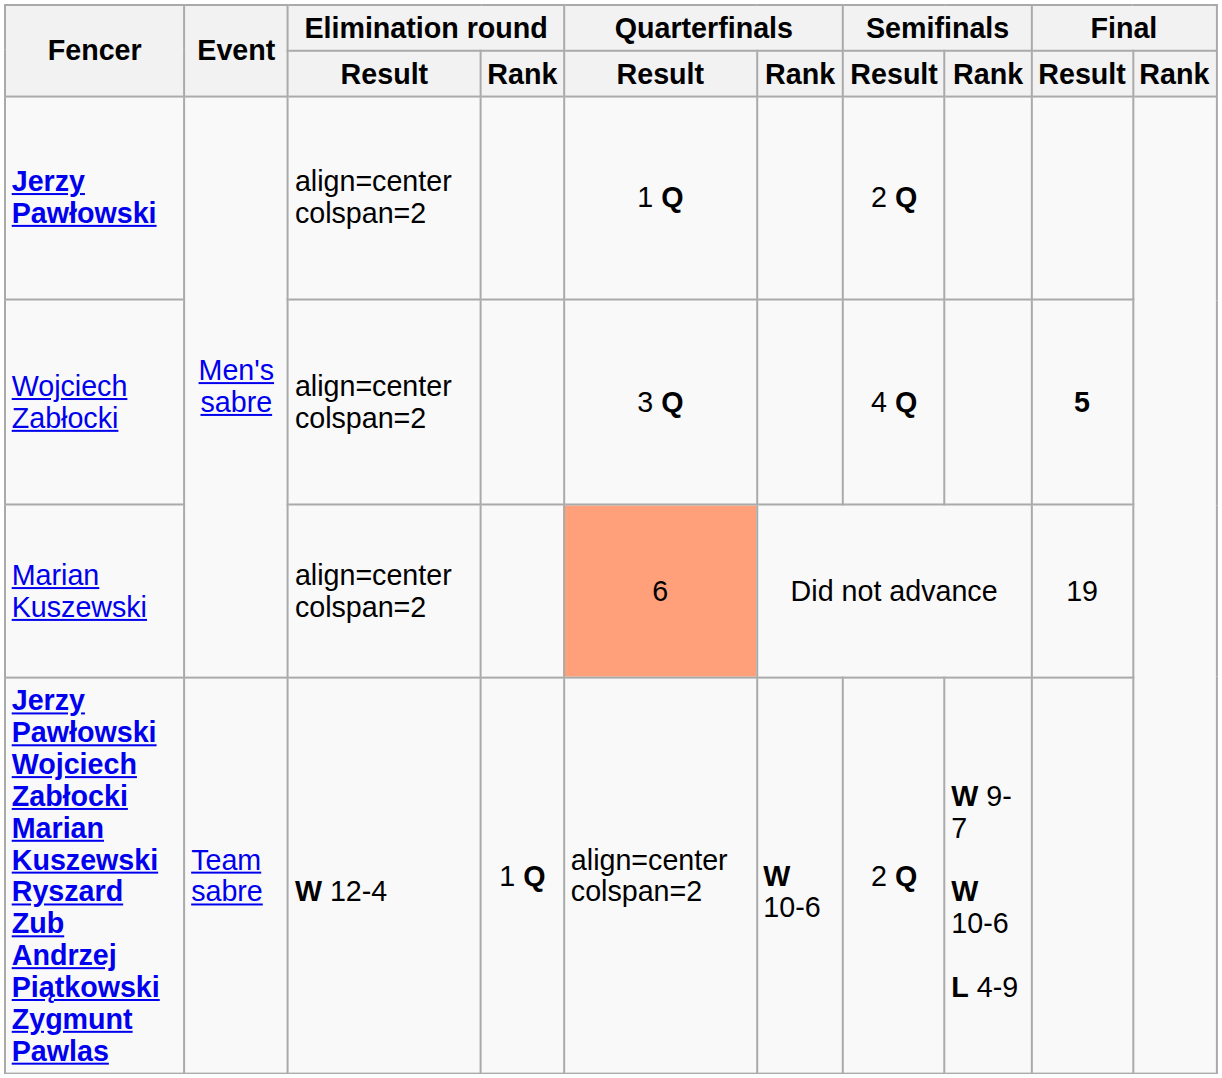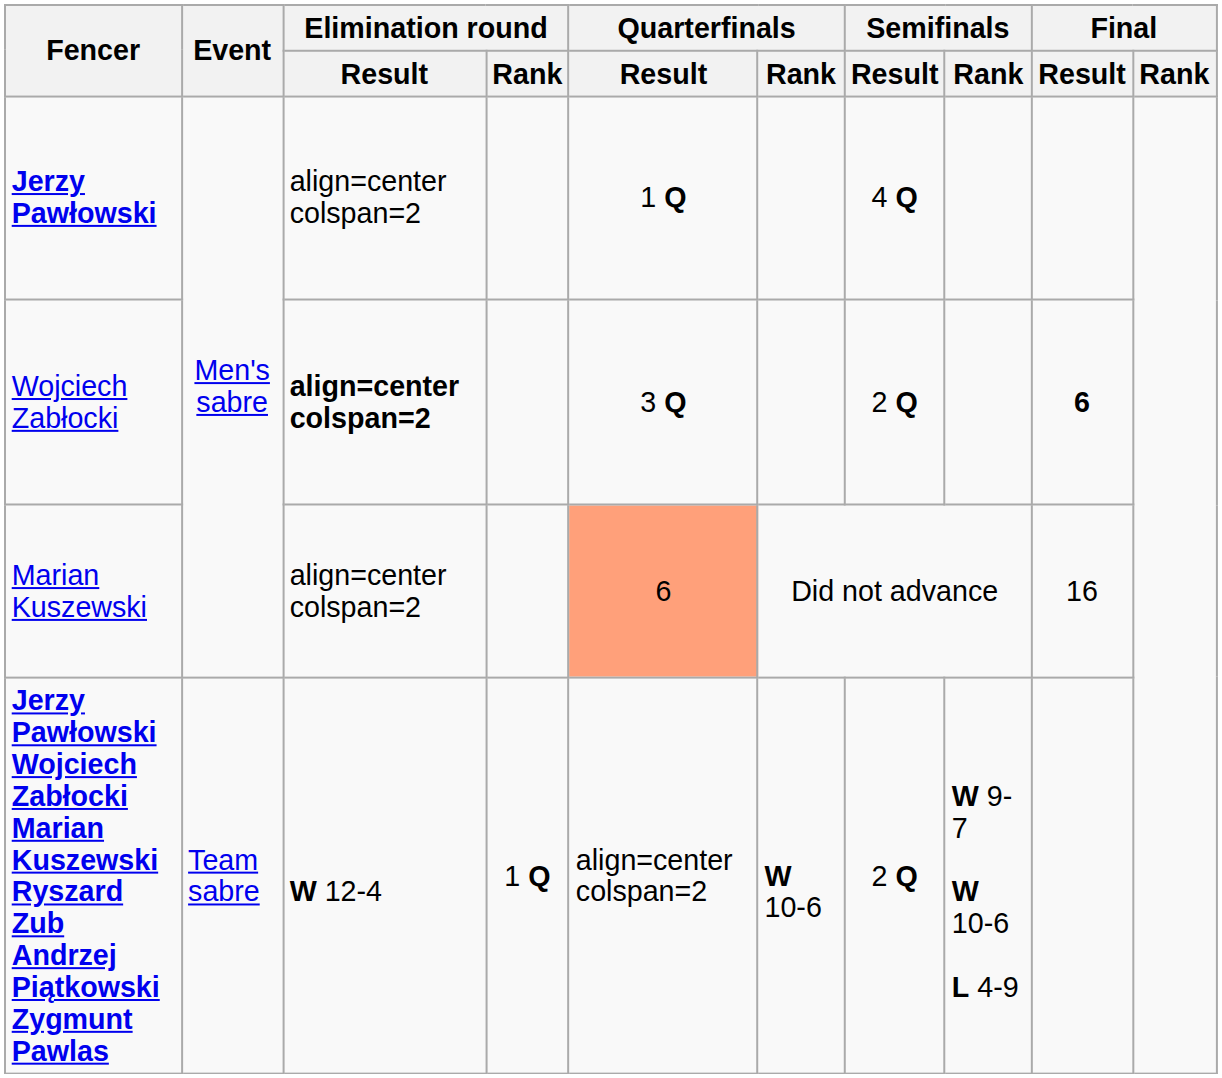 <table class=wikitable style="font-size:90%">
 <tr>
 <th rowspan=2>Fencer</th>
 <th rowspan=2>Event</th>
 <th colspan=2>Elimination round</th>
 <th colspan=2>Quarterfinals</th>
 <th colspan=2>Semifinals</th>
 <th colspan=2>Final</th>
 </tr>
 <tr>
 <th>Result</th>
 <th>Rank</th>
 <th>Result</th>
 <th>Rank</th>
 <th>Result</th>
 <th>Rank</th>
 <th>Result</th>
 <th>Rank</th>
 </tr>
 <tr>
 <td><strong><a href='#'>Jerzy Pawłowski</a></strong></td>
 <td align=center rowspan=3><a href='#'>Men's sabre</a></td>
 <td>align=center colspan=2 </td>
 <td align=left><br><br><br><br><br></td>
 <td align=center>1 <strong>Q</strong></td>
 <td align=left><br><br><br><br><br><br></td>
-<td align=center>2 <strong>Q</strong></td>
+<td align=center>4 <strong>Q</strong></td>
 <td align=left><br><br><br><br><br><br></td>
 <td align=center colspan=1></td>
 </tr>
 <tr>
 <td><a href='#'>Wojciech Zabłocki</a></td>
-<td>align=center colspan=2 </td>
+<td><strong>align=center colspan=2 </strong></td>
 <td align=left><br><br><br><br><br></td>
 <td align=center>3 <strong>Q</strong></td>
 <td align=left><br><br><br><br><br><br></td>
-<td align=center>4 <strong>Q</strong></td>
+<td align=center>2 <strong>Q</strong></td>
 <td align=left><br><br><br><br><br><br></td>
-<td align=center colspan=1><strong>5</strong></td>
+<td align=center colspan=1><strong>6</strong></td>
 </tr>
 <tr>
 <td><a href='#'>Marian Kuszewski</a></td>
 <td>align=center colspan=2 </td>
 <td align=left><br><br><br><br><br></td>
 <td align=center style="background: lightsalmon;">6</td>
 <td align=center colspan=3>Did not advance</td>
-<td align=center colspan=1>19</td>
+<td align=center colspan=1>16</td>
 </tr>
 <tr>
 <td><strong><a href='#'>Jerzy Pawłowski</a> <br> <a href='#'>Wojciech Zabłocki</a><br> <a href='#'>Marian Kuszewski</a> <br>  <a href='#'>Ryszard Zub</a><br> <a href='#'>Andrzej Piątkowski</a> <br> <a href='#'>Zygmunt Pawlas</a></strong></td>
 <td><a href='#'>Team sabre</a></td>
 <td align=left><br> <strong>W</strong> 12-4</td>
 <td align=center>1 <strong>Q</strong></td>
 <td>align=center colspan=2 </td>
 <td align=left><br> <strong>W</strong> 10-6</td>
 <td align=center>2 <strong>Q</strong></td>
 <td align=left><br> <strong>W</strong> 9-7<br><br> <strong>W</strong> 10-6<br><br> <strong>L</strong> 4-9</td>
 <td align=center></td>
 </tr>
 </table>
